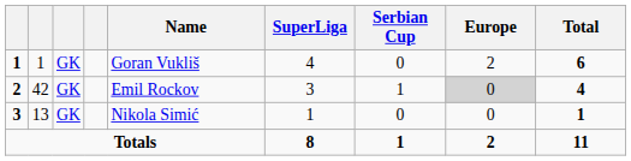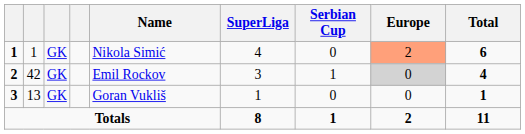 <table class="wikitable" style="text-align:center">
 <tr>
 <th width="15"></th>
 <th width="15"></th>
 <th width="15"></th>
 <th width="15"></th>
 <th width="145">Name</th>
 <th width="80"><strong><a href='#'>SuperLiga</a></strong></th>
 <th width="80"><strong><a href='#'>Serbian Cup</a></strong></th>
 <th width="80"><strong>Europe</strong></th>
 <th width="80">Total</th>
 </tr>
 <tr>
 <td><strong>1</strong></td>
 <td>1</td>
 <td><a href='#'>GK</a></td>
 <td></td>
-<td align="left"><a href='#'>Goran Vukliš</a></td>
+<td align="left"><a href='#'>Nikola Simić</a></td>
 <td>4</td>
 <td>0</td>
-<td>2</td>
+<td style="background: lightsalmon;">2</td>
 <td><strong>6</strong></td>
 </tr>
 <tr>
 <td><strong>2</strong></td>
 <td>42</td>
 <td><a href='#'>GK</a></td>
 <td></td>
 <td align="left"><a href='#'>Emil Rockov</a></td>
 <td>3</td>
 <td>1</td>
 <td style="background: lightgrey;">0</td>
 <td><strong>4</strong></td>
 </tr>
 <tr>
 <td><strong>3</strong></td>
 <td>13</td>
 <td><a href='#'>GK</a></td>
 <td></td>
-<td align="left"><a href='#'>Nikola Simić</a></td>
+<td align="left"><a href='#'>Goran Vukliš</a></td>
 <td>1</td>
 <td>0</td>
 <td>0</td>
 <td><strong>1</strong></td>
 </tr>
 <tr>
 <td colspan="5"><strong>Totals</strong></td>
 <td><strong>8</strong></td>
 <td><strong>1</strong></td>
 <td><strong>2</strong></td>
 <td><strong>11</strong></td>
 </tr>
 </table>
